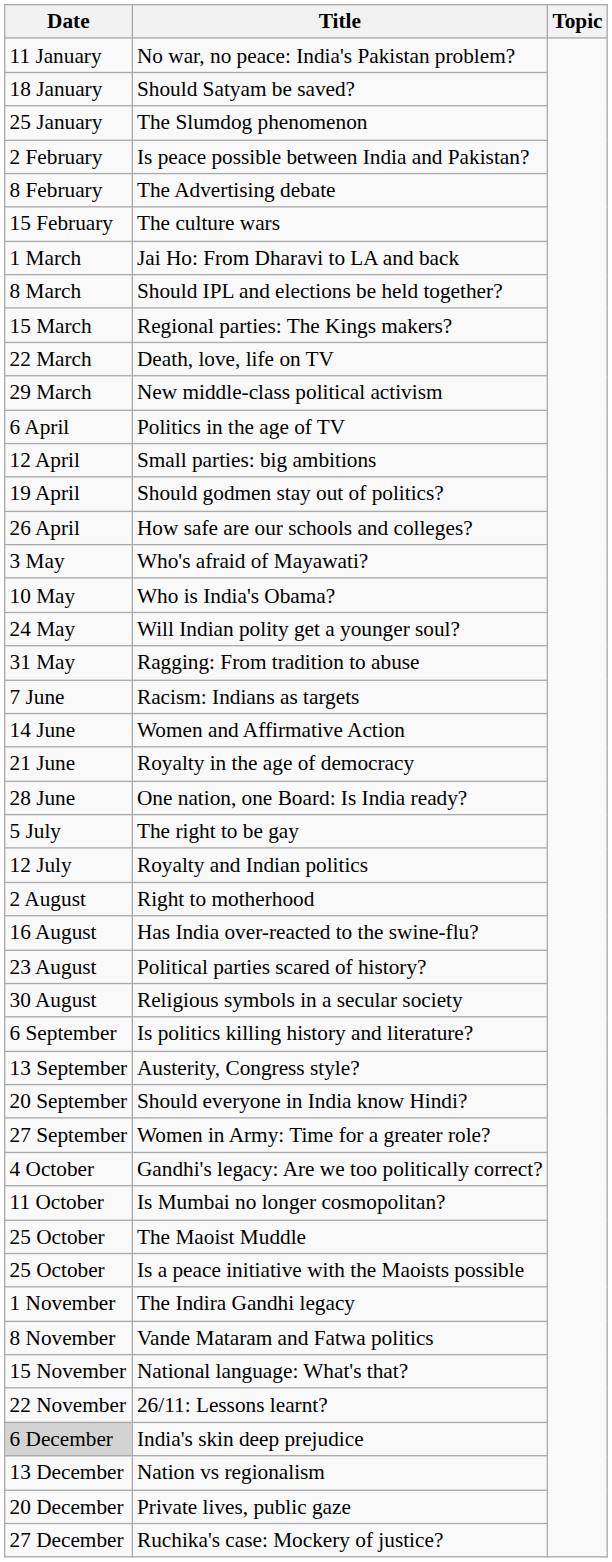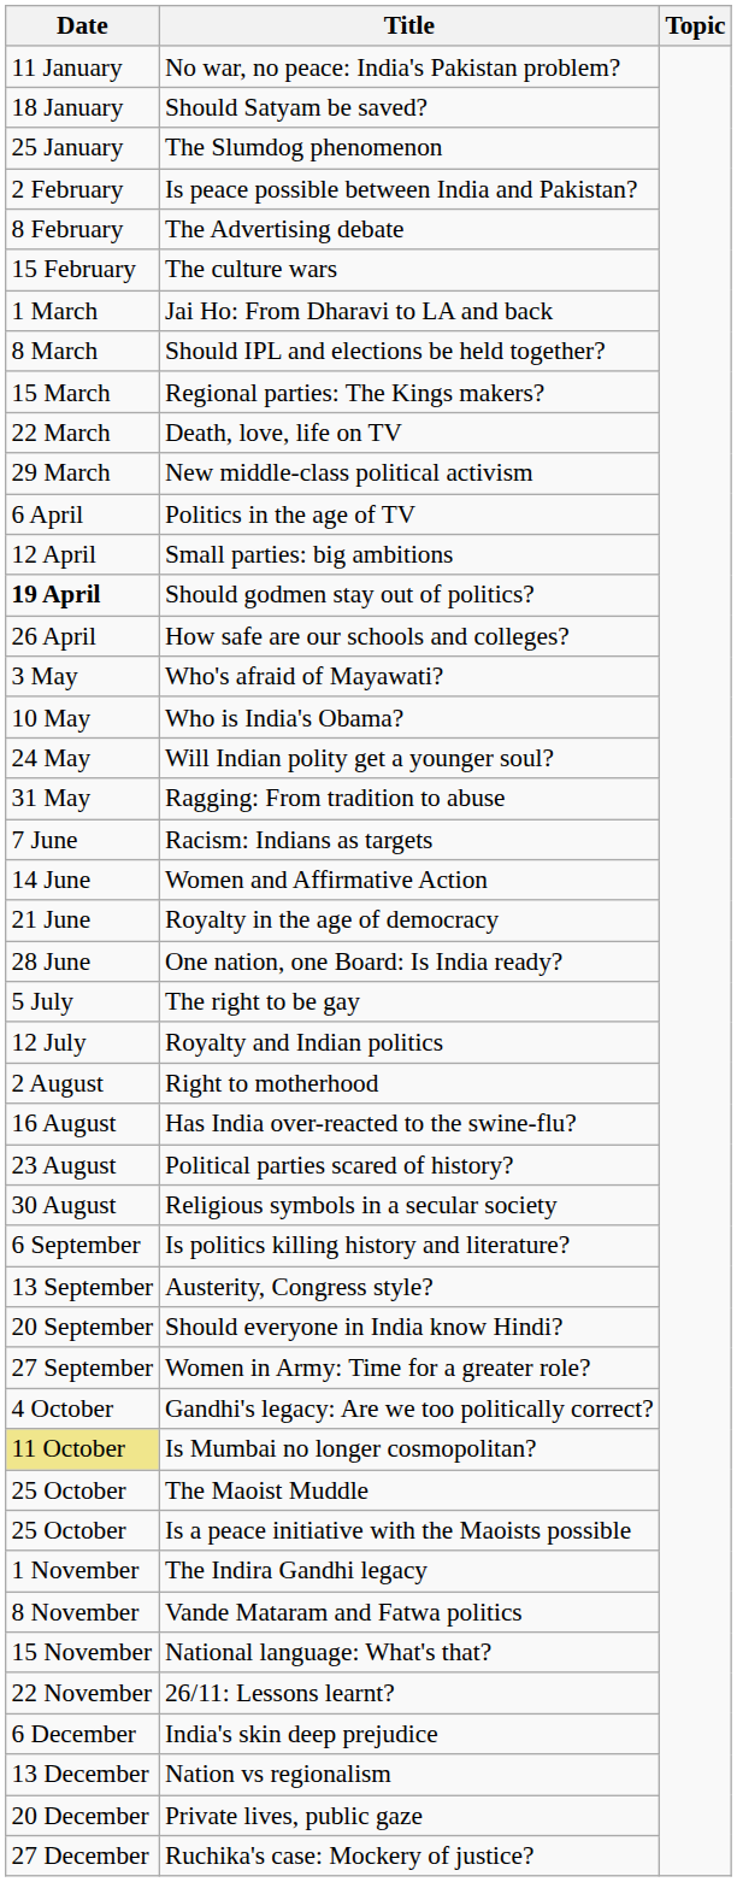 <table class="wikitable">
 <tr>
 <th scope="col">Date</th>
 <th scope="col">Title</th>
 <th scope="col">Topic</th>
 </tr>
 <tr>
 <td>11 January</td>
 <td>No war, no peace: India's Pakistan problem?</td>
 </tr>
 <tr>
 <td>18 January</td>
 <td>Should Satyam be saved?</td>
 </tr>
 <tr>
 <td>25 January</td>
 <td>The Slumdog phenomenon</td>
 </tr>
 <tr>
 <td>2 February</td>
 <td>Is peace possible between India and Pakistan?</td>
 </tr>
 <tr>
 <td>8 February</td>
 <td>The Advertising debate</td>
 </tr>
 <tr>
 <td>15 February</td>
 <td>The culture wars</td>
 </tr>
 <tr>
 <td>1 March</td>
 <td>Jai Ho: From Dharavi to LA and back</td>
 </tr>
 <tr>
 <td>8 March</td>
 <td>Should IPL and elections be held together?</td>
 </tr>
 <tr>
 <td>15 March</td>
 <td>Regional parties: The Kings makers?</td>
 </tr>
 <tr>
 <td>22 March</td>
 <td>Death, love, life on TV</td>
 </tr>
 <tr>
 <td>29 March</td>
 <td>New middle-class political activism</td>
 </tr>
 <tr>
 <td>6 April</td>
 <td>Politics in the age of TV</td>
 </tr>
 <tr>
 <td>12 April</td>
 <td>Small parties: big ambitions</td>
 </tr>
 <tr>
-<td>19 April</td>
+<td><strong>19 April</strong></td>
 <td>Should godmen stay out of politics?</td>
 </tr>
 <tr>
 <td>26 April</td>
 <td>How safe are our schools and colleges?</td>
 </tr>
 <tr>
 <td>3 May</td>
 <td>Who's afraid of Mayawati?</td>
 </tr>
 <tr>
 <td>10 May</td>
 <td>Who is India's Obama?</td>
 </tr>
 <tr>
 <td>24 May</td>
 <td>Will Indian polity get a younger soul?</td>
 </tr>
 <tr>
 <td>31 May</td>
 <td>Ragging: From tradition to abuse</td>
 </tr>
 <tr>
 <td>7 June</td>
 <td>Racism: Indians as targets</td>
 </tr>
 <tr>
 <td>14 June</td>
 <td>Women and Affirmative Action</td>
 </tr>
 <tr>
 <td>21 June</td>
 <td>Royalty in the age of democracy</td>
 </tr>
 <tr>
 <td>28 June</td>
 <td>One nation, one Board: Is India ready?</td>
 </tr>
 <tr>
 <td>5 July</td>
 <td>The right to be gay</td>
 </tr>
 <tr>
 <td>12 July</td>
 <td>Royalty and Indian politics</td>
 </tr>
 <tr>
 <td>2 August</td>
 <td>Right to motherhood</td>
 </tr>
 <tr>
 <td>16 August</td>
 <td>Has India over-reacted to the swine-flu?</td>
 </tr>
 <tr>
 <td>23 August</td>
 <td>Political parties scared of history?</td>
 </tr>
 <tr>
 <td>30 August</td>
 <td>Religious symbols in a secular society</td>
 </tr>
 <tr>
 <td>6 September</td>
 <td>Is politics killing history and literature?</td>
 </tr>
 <tr>
 <td>13 September</td>
 <td>Austerity, Congress style?</td>
 </tr>
 <tr>
 <td>20 September</td>
 <td>Should everyone in India know Hindi?</td>
 </tr>
 <tr>
 <td>27 September</td>
 <td>Women in Army: Time for a greater role?</td>
 </tr>
 <tr>
 <td>4 October</td>
 <td>Gandhi's legacy: Are we too politically correct?</td>
 </tr>
 <tr>
-<td>11 October</td>
+<td style="background: khaki;">11 October</td>
 <td>Is Mumbai no longer cosmopolitan?</td>
 </tr>
 <tr>
 <td>25 October</td>
 <td>The Maoist Muddle</td>
 </tr>
 <tr>
 <td>25 October</td>
 <td>Is a peace initiative with the Maoists possible</td>
 </tr>
 <tr>
 <td>1 November</td>
 <td>The Indira Gandhi legacy</td>
 </tr>
 <tr>
 <td>8 November</td>
 <td>Vande Mataram and Fatwa politics</td>
 </tr>
 <tr>
 <td>15 November</td>
 <td>National language: What's that?</td>
 </tr>
 <tr>
 <td>22 November</td>
 <td>26/11: Lessons learnt?</td>
 </tr>
 <tr>
-<td style="background: lightgrey;">6 December</td>
+<td>6 December</td>
 <td>India's skin deep prejudice</td>
 </tr>
 <tr>
 <td>13 December</td>
 <td>Nation vs regionalism</td>
 </tr>
 <tr>
 <td>20 December</td>
 <td>Private lives, public gaze</td>
 </tr>
 <tr>
 <td>27 December</td>
 <td>Ruchika's case: Mockery of justice?</td>
 </tr>
 </table>
